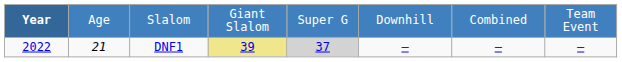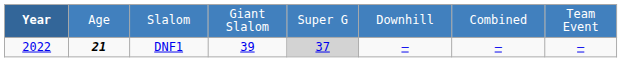 <table class="wikitable" style="font-size:95%; text-align:center; border:grey solid 1px; border-collapse:collapse;" width="50%">
 <tr style="background-color:#369; color:white;">
 <td rowspan="2" colspan="1" width="5%"><strong>Year</strong></td>
 </tr>
 <tr style="background-color:#4180be; color:white;">
 <td width="5%">Age</td>
 <td width="5%">Slalom</td>
 <td width="5%">Giant<br>Slalom</td>
 <td width="5%">Super G</td>
 <td width="5%">Downhill</td>
 <td width="5%">Combined</td>
 <td width="5%">Team Event</td>
 </tr>
 <tr style="background-color:#8CB2D8; color:white;">
 </tr>
 <tr>
 <td><a href='#'>2022</a></td>
-<td><em>21</em></td>
+<td><strong><em>21</em></strong></td>
 <td><a href='#'>DNF1</a></td>
-<td style="background: khaki;"><a href='#'>39</a></td>
+<td><a href='#'>39</a></td>
 <td style="background: lightgrey;"><a href='#'>37</a></td>
 <td><a href='#'>—</a></td>
 <td><a href='#'>—</a></td>
 <td><a href='#'>—</a></td>
 </tr>
 </table>
